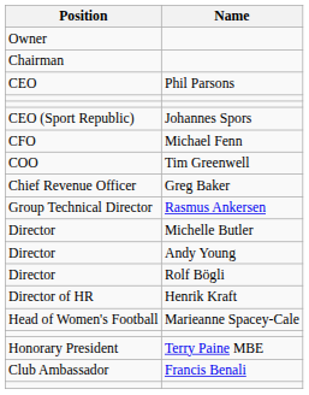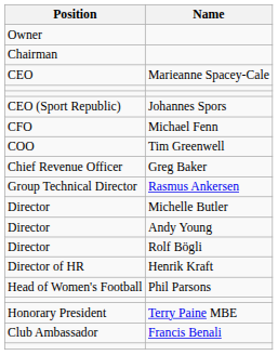 <table class="wikitable">
 <tr>
 <th>Position</th>
 <th>Name</th>
 </tr>
 <tr>
 <td>Owner</td>
 <td> <br></td>
 </tr>
 <tr>
 <td>Chairman</td>
 <td></td>
 </tr>
 <tr>
 <td>CEO</td>
-<td>Phil Parsons</td>
+<td>Marieanne Spacey-Cale</td>
 </tr>
 <tr>
 <td></td>
 <td></td>
 </tr>
 <tr>
 <td></td>
 <td></td>
 </tr>
 <tr>
 <td>CEO (Sport Republic)</td>
 <td>Johannes Spors</td>
 </tr>
 <tr>
 <td>CFO</td>
 <td>Michael Fenn</td>
 </tr>
 <tr>
 <td>COO</td>
 <td>Tim Greenwell</td>
 </tr>
 <tr>
 <td>Chief Revenue Officer</td>
 <td>Greg Baker</td>
 </tr>
 <tr>
 <td>Group Technical Director</td>
 <td><a href='#'>Rasmus Ankersen</a></td>
 </tr>
 <tr>
 <td>Director</td>
 <td>Michelle Butler</td>
 </tr>
 <tr>
 <td>Director</td>
 <td>Andy Young</td>
 </tr>
 <tr>
 <td>Director</td>
 <td>Rolf Bögli</td>
 </tr>
 <tr>
 <td>Director of HR</td>
 <td>Henrik Kraft</td>
 </tr>
 <tr>
 <td>Head of Women's Football</td>
-<td>Marieanne Spacey-Cale</td>
+<td>Phil Parsons</td>
 </tr>
 <tr>
 <td></td>
 <td></td>
 </tr>
 <tr>
 <td>Honorary President</td>
 <td><a href='#'>Terry Paine</a> MBE</td>
 </tr>
 <tr>
 <td>Club Ambassador</td>
 <td><a href='#'>Francis Benali</a></td>
 </tr>
 <tr>
 <td></td>
 <td></td>
 </tr>
 </table>
